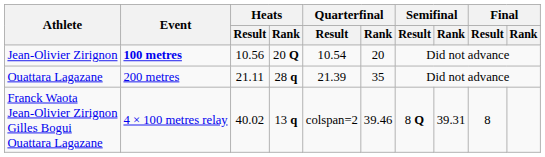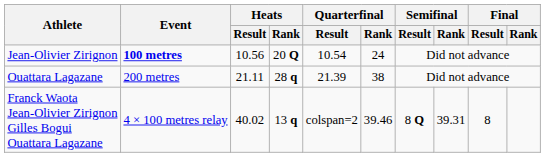 <table class="wikitable" style="font-size:90%">
 <tr>
 <th rowspan="2">Athlete</th>
 <th rowspan="2">Event</th>
 <th colspan="2">Heats</th>
 <th colspan="2">Quarterfinal</th>
 <th colspan="2">Semifinal</th>
 <th colspan="2">Final</th>
 </tr>
 <tr style="font-size:95%">
 <th>Result</th>
 <th>Rank</th>
 <th>Result</th>
 <th>Rank</th>
 <th>Result</th>
 <th>Rank</th>
 <th>Result</th>
 <th>Rank</th>
 </tr>
 <tr align=center>
 <td align=left><a href='#'>Jean-Olivier Zirignon</a></td>
 <td align=left><strong><a href='#'>100 metres</a></strong></td>
 <td>10.56</td>
 <td>20 <strong>Q</strong></td>
 <td>10.54</td>
-<td>20</td>
+<td>24</td>
 <td colspan=4>Did not advance</td>
 </tr>
 <tr align=center>
 <td align=left><a href='#'>Ouattara Lagazane</a></td>
 <td align=left><a href='#'>200 metres</a></td>
 <td>21.11</td>
 <td>28 <strong>q</strong></td>
 <td>21.39</td>
-<td>35</td>
+<td>38</td>
 <td colspan=4>Did not advance</td>
 </tr>
 <tr align=center>
 <td align=left><a href='#'>Franck Waota</a><br><a href='#'>Jean-Olivier Zirignon</a><br><a href='#'>Gilles Bogui</a><br><a href='#'>Ouattara Lagazane</a></td>
 <td align=left><a href='#'>4 × 100 metres relay</a></td>
 <td>40.02</td>
 <td>13 <strong>q</strong></td>
 <td>colspan=2</td>
 <td>39.46</td>
 <td>8 <strong>Q</strong></td>
 <td>39.31</td>
 <td>8</td>
 </tr>
 </table>
